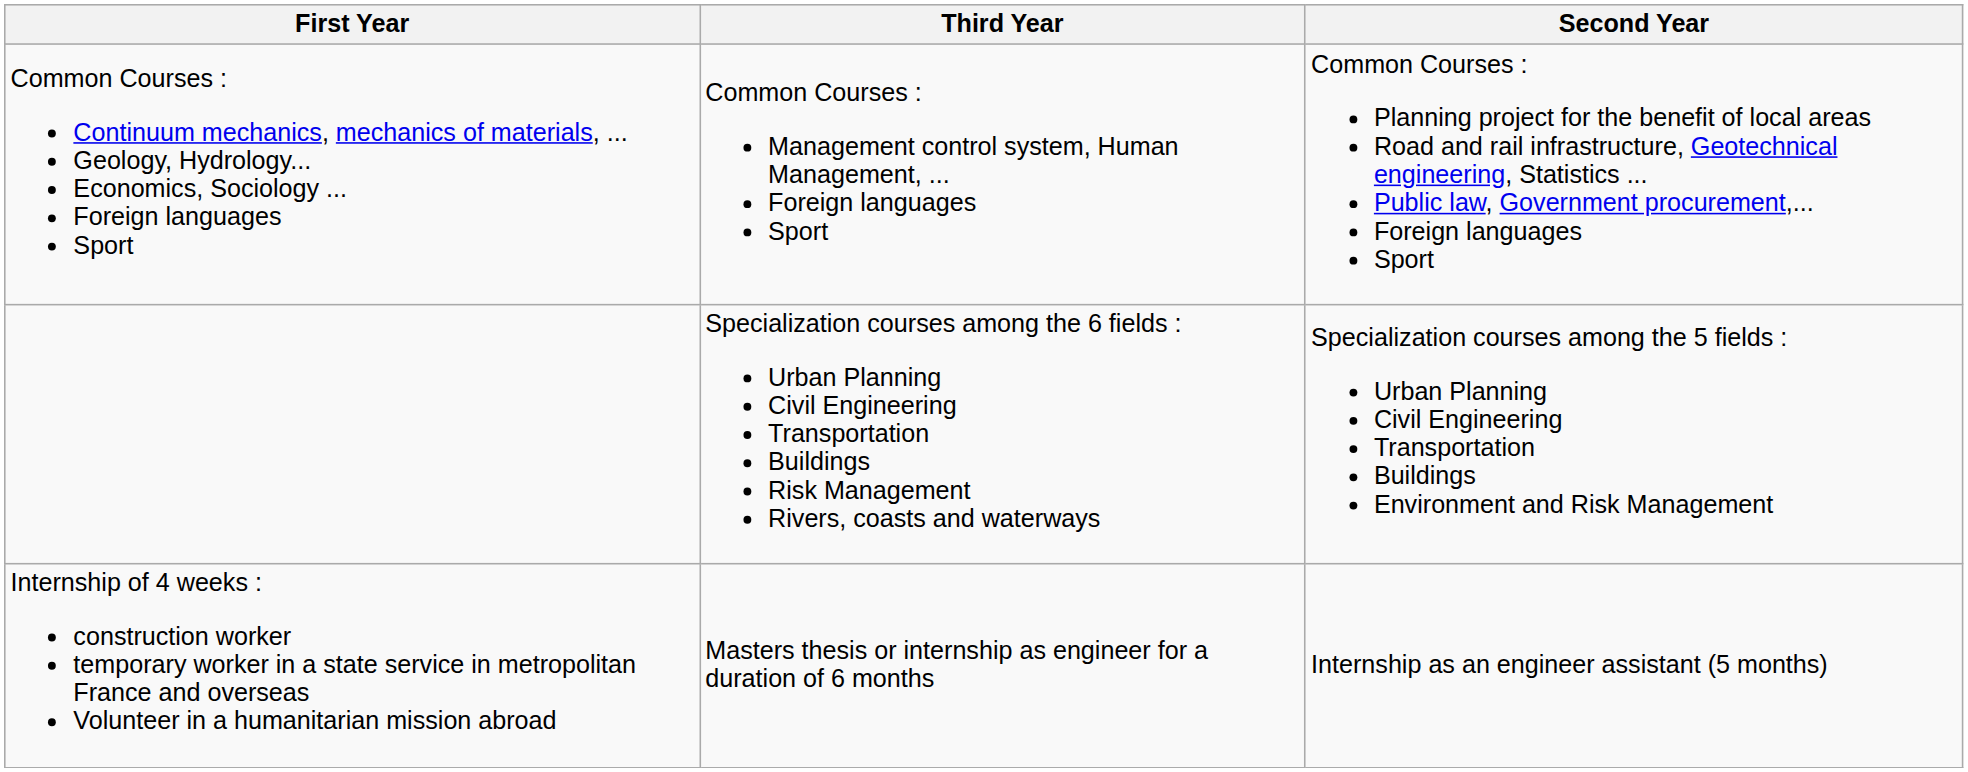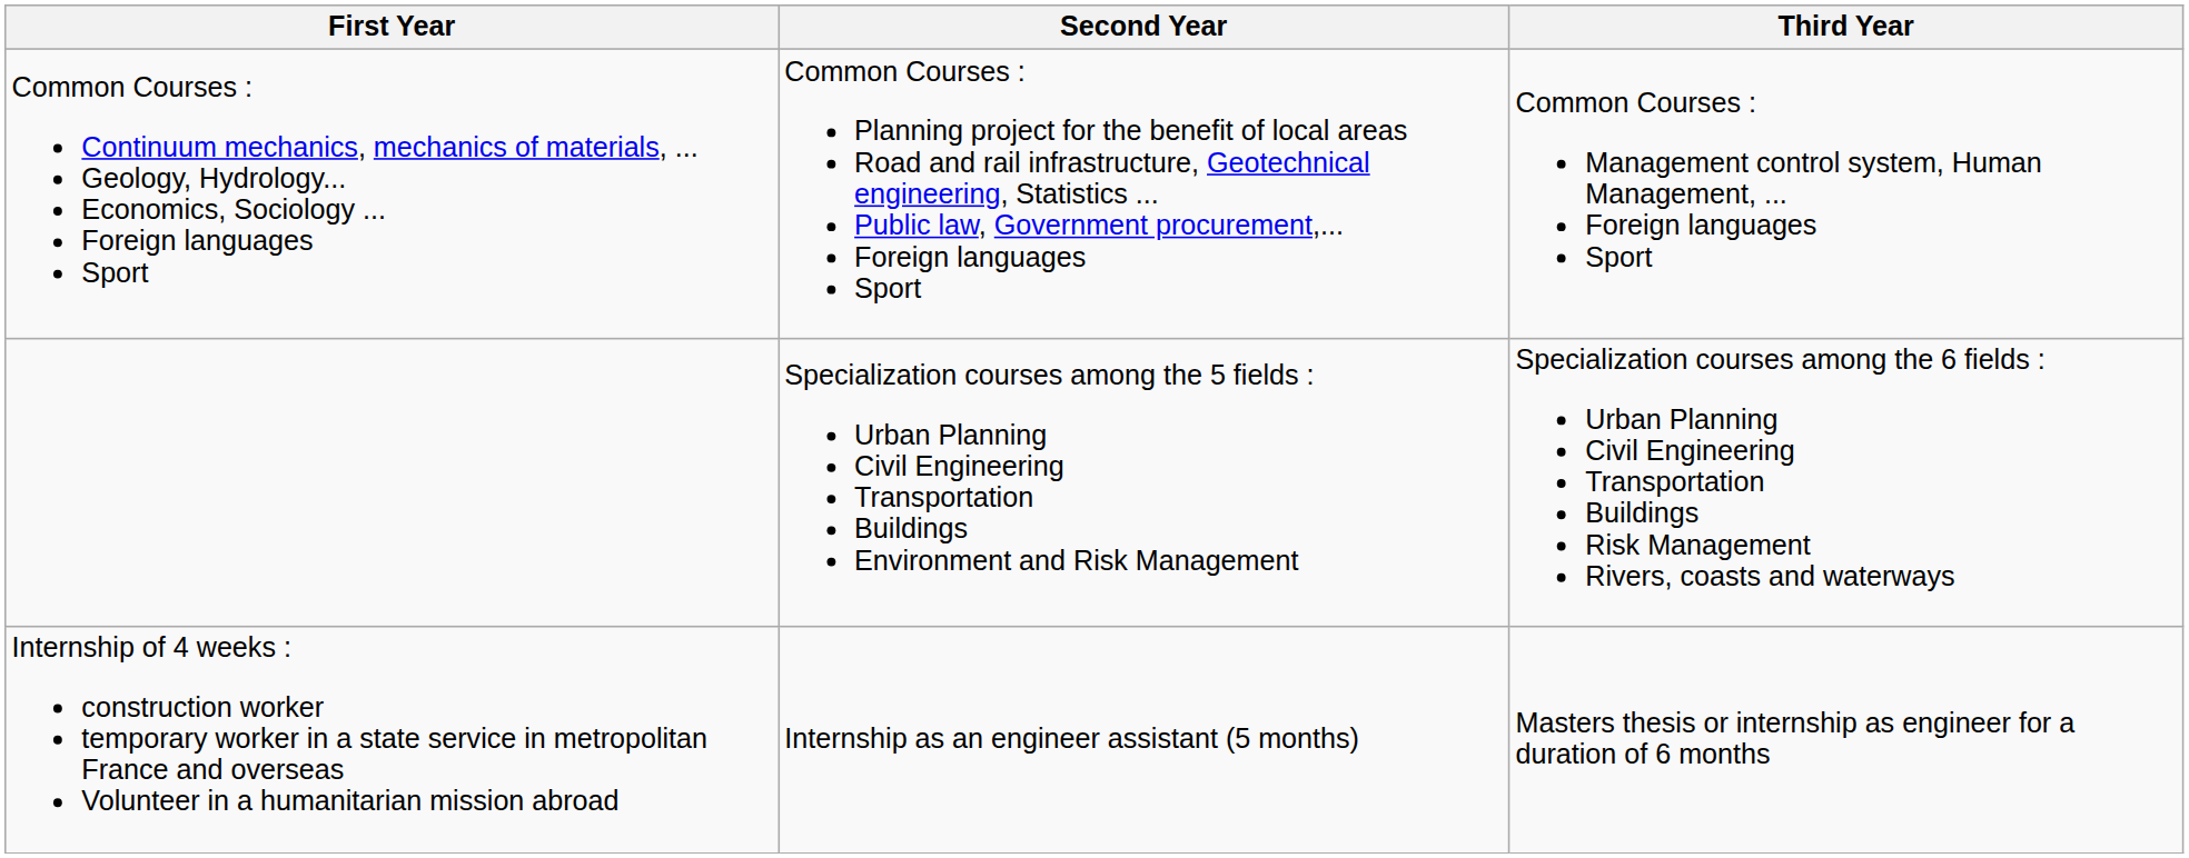 <table class="wikitable">
 <tr>
 <th>First Year</th>
+<th>Second Year</th>
 <th>Third Year</th>
-<th>Second Year</th>
 </tr>
 <tr>
 <td>Common Courses :<br><ul><li><a href='#'>Continuum mechanics</a>, <a href='#'>mechanics of materials</a>, ...</li><li>Geology, Hydrology...</li><li>Economics, Sociology ...</li><li>Foreign languages</li><li>Sport</li></ul></td>
+<td>Common Courses :<br><ul><li>Planning project for the benefit of local areas</li><li>Road and rail infrastructure, <a href='#'>Geotechnical engineering</a>, Statistics ...</li><li><a href='#'>Public law</a>, <a href='#'>Government procurement</a>,...</li><li>Foreign languages</li><li>Sport</li></ul></td>
 <td>Common Courses :<br><ul><li>Management control system, Human Management, ...</li><li>Foreign languages</li><li>Sport</li></ul></td>
-<td>Common Courses :<br><ul><li>Planning project for the benefit of local areas</li><li>Road and rail infrastructure, <a href='#'>Geotechnical engineering</a>, Statistics ...</li><li><a href='#'>Public law</a>, <a href='#'>Government procurement</a>,...</li><li>Foreign languages</li><li>Sport</li></ul></td>
 </tr>
 <tr>
 <td></td>
+<td>Specialization courses among the 5 fields  :<br><ul><li>Urban Planning</li><li>Civil Engineering</li><li>Transportation</li><li>Buildings</li><li>Environment and Risk Management</li></ul></td>
 <td>Specialization courses among the 6 fields  :<br><ul><li>Urban Planning</li><li>Civil Engineering</li><li>Transportation</li><li>Buildings</li><li>Risk Management</li><li>Rivers, coasts and waterways</li></ul></td>
-<td>Specialization courses among the 5 fields  :<br><ul><li>Urban Planning</li><li>Civil Engineering</li><li>Transportation</li><li>Buildings</li><li>Environment and Risk Management</li></ul></td>
 </tr>
 <tr>
 <td>Internship of 4 weeks :<br><ul><li>construction worker</li><li>temporary worker in a state service   in metropolitan France and overseas</li><li>Volunteer in a humanitarian mission abroad</li></ul></td>
+<td>Internship as an engineer assistant (5 months)</td>
 <td>Masters thesis or internship as engineer for a duration of 6 months</td>
-<td>Internship as an engineer assistant (5 months)</td>
 </tr>
 </table>
